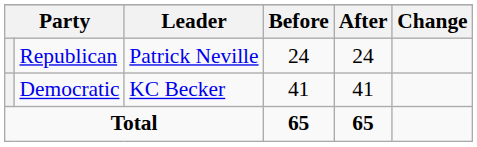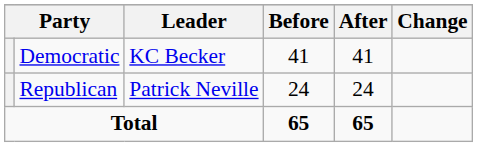 <table class="wikitable" style="text-align:center;">
 <tr>
 </tr>
 <tr>
 <th colspan=2>Party</th>
 <th>Leader</th>
 <th>Before</th>
 <th>After</th>
 <th>Change</th>
 </tr>
 <tr>
 <th style="background-color:"></th>
+<td style="text-align:left;"><a href='#'>Democratic</a></td>
+<td style="text-align:left;"><a href='#'>KC Becker</a></td>
+<td>41</td>
+<td>41</td>
+<td></td>
+</tr>
+<tr>
+<th style="background-color:"></th>
 <td style="text-align:left;"><a href='#'>Republican</a></td>
 <td style="text-align:left;"><a href='#'>Patrick Neville</a></td>
 <td>24</td>
 <td>24</td>
-<td></td>
-</tr>
-<tr>
-<th style="background-color:"></th>
-<td style="text-align:left;"><a href='#'>Democratic</a></td>
-<td style="text-align:left;"><a href='#'>KC Becker</a></td>
-<td>41</td>
-<td>41</td>
 <td></td>
 </tr>
 <tr>
 <td colspan=3><strong>Total</strong></td>
 <td><strong>65</strong></td>
 <td><strong>65</strong></td>
 <td></td>
 </tr>
 </table>
